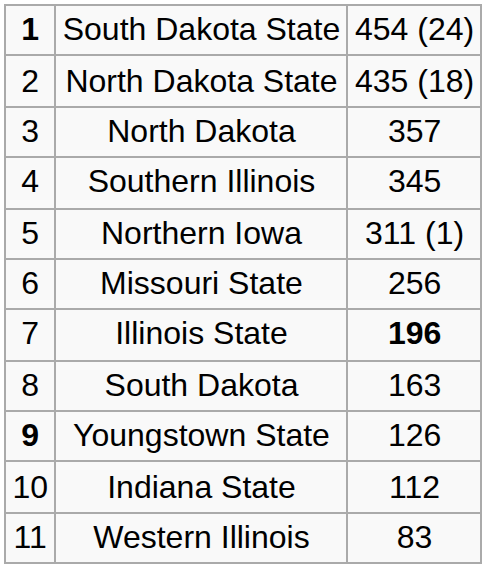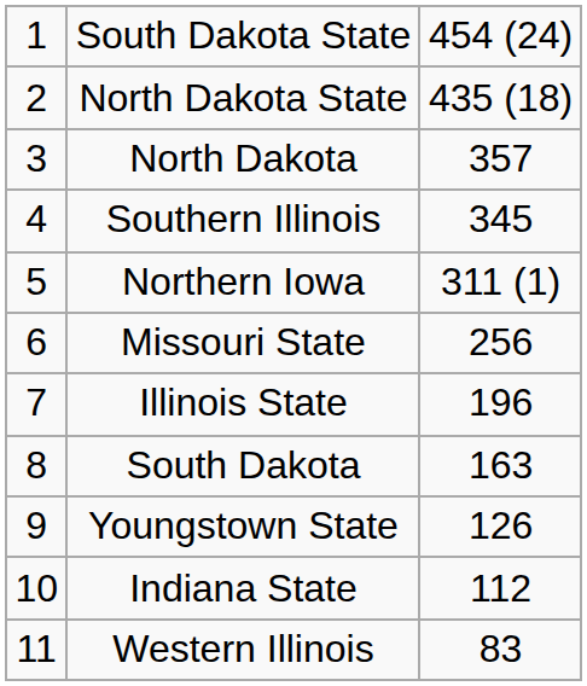 <table class="wikitable" style="display: inline-table;">
 <tr align="center">
 </tr>
 <tr align="center">
-<td><strong>1</strong></td>
+<td>1</td>
 <td>South Dakota State</td>
 <td>454 (24)</td>
 </tr>
 <tr align="center">
 <td>2</td>
 <td>North Dakota State</td>
 <td>435 (18)</td>
 </tr>
 <tr align="center">
 <td>3</td>
 <td>North Dakota</td>
 <td>357</td>
 </tr>
 <tr align="center">
 <td>4</td>
 <td>Southern Illinois</td>
 <td>345</td>
 </tr>
 <tr align="center">
 <td>5</td>
 <td>Northern Iowa</td>
 <td>311 (1)</td>
 </tr>
 <tr align="center">
 <td>6</td>
 <td>Missouri State</td>
 <td>256</td>
 </tr>
 <tr align="center">
 <td>7</td>
 <td>Illinois State</td>
-<td><strong>196</strong></td>
+<td>196</td>
 </tr>
 <tr align="center">
 <td>8</td>
 <td>South Dakota</td>
 <td>163</td>
 </tr>
 <tr align="center">
-<td><strong>9</strong></td>
+<td>9</td>
 <td>Youngstown State</td>
 <td>126</td>
 </tr>
 <tr align="center">
 <td>10</td>
 <td>Indiana State</td>
 <td>112</td>
 </tr>
 <tr align="center">
 <td>11</td>
 <td>Western Illinois</td>
 <td>83</td>
 </tr>
 </table>
